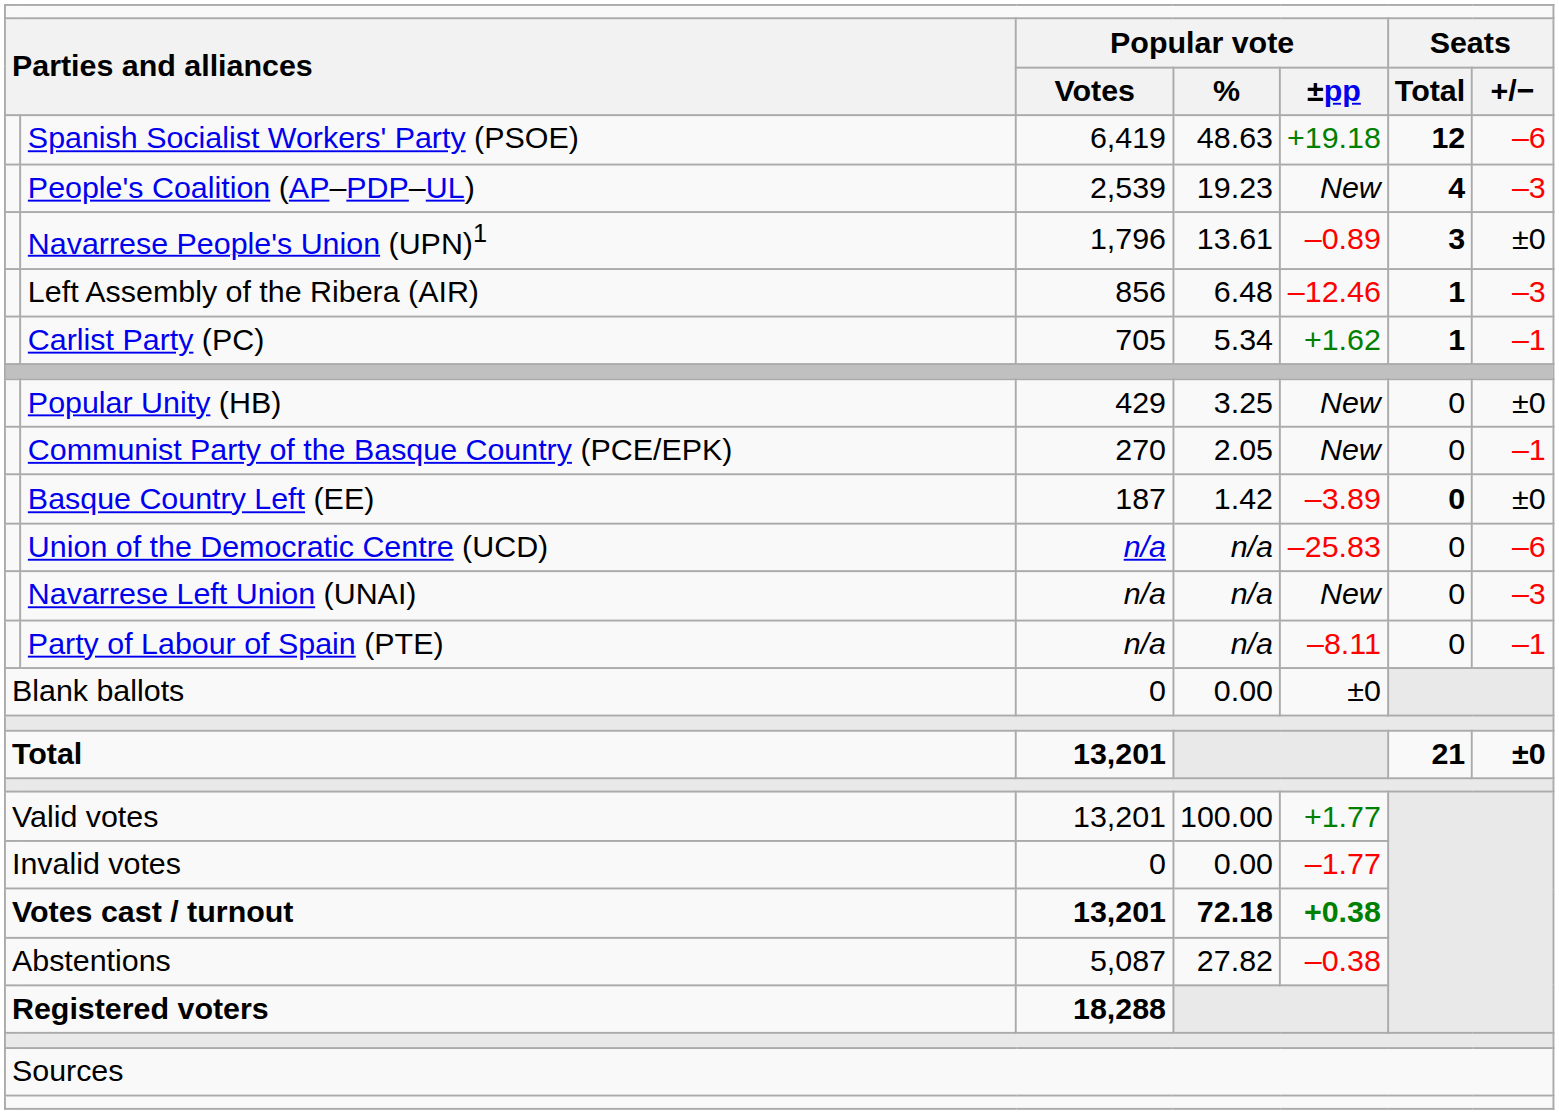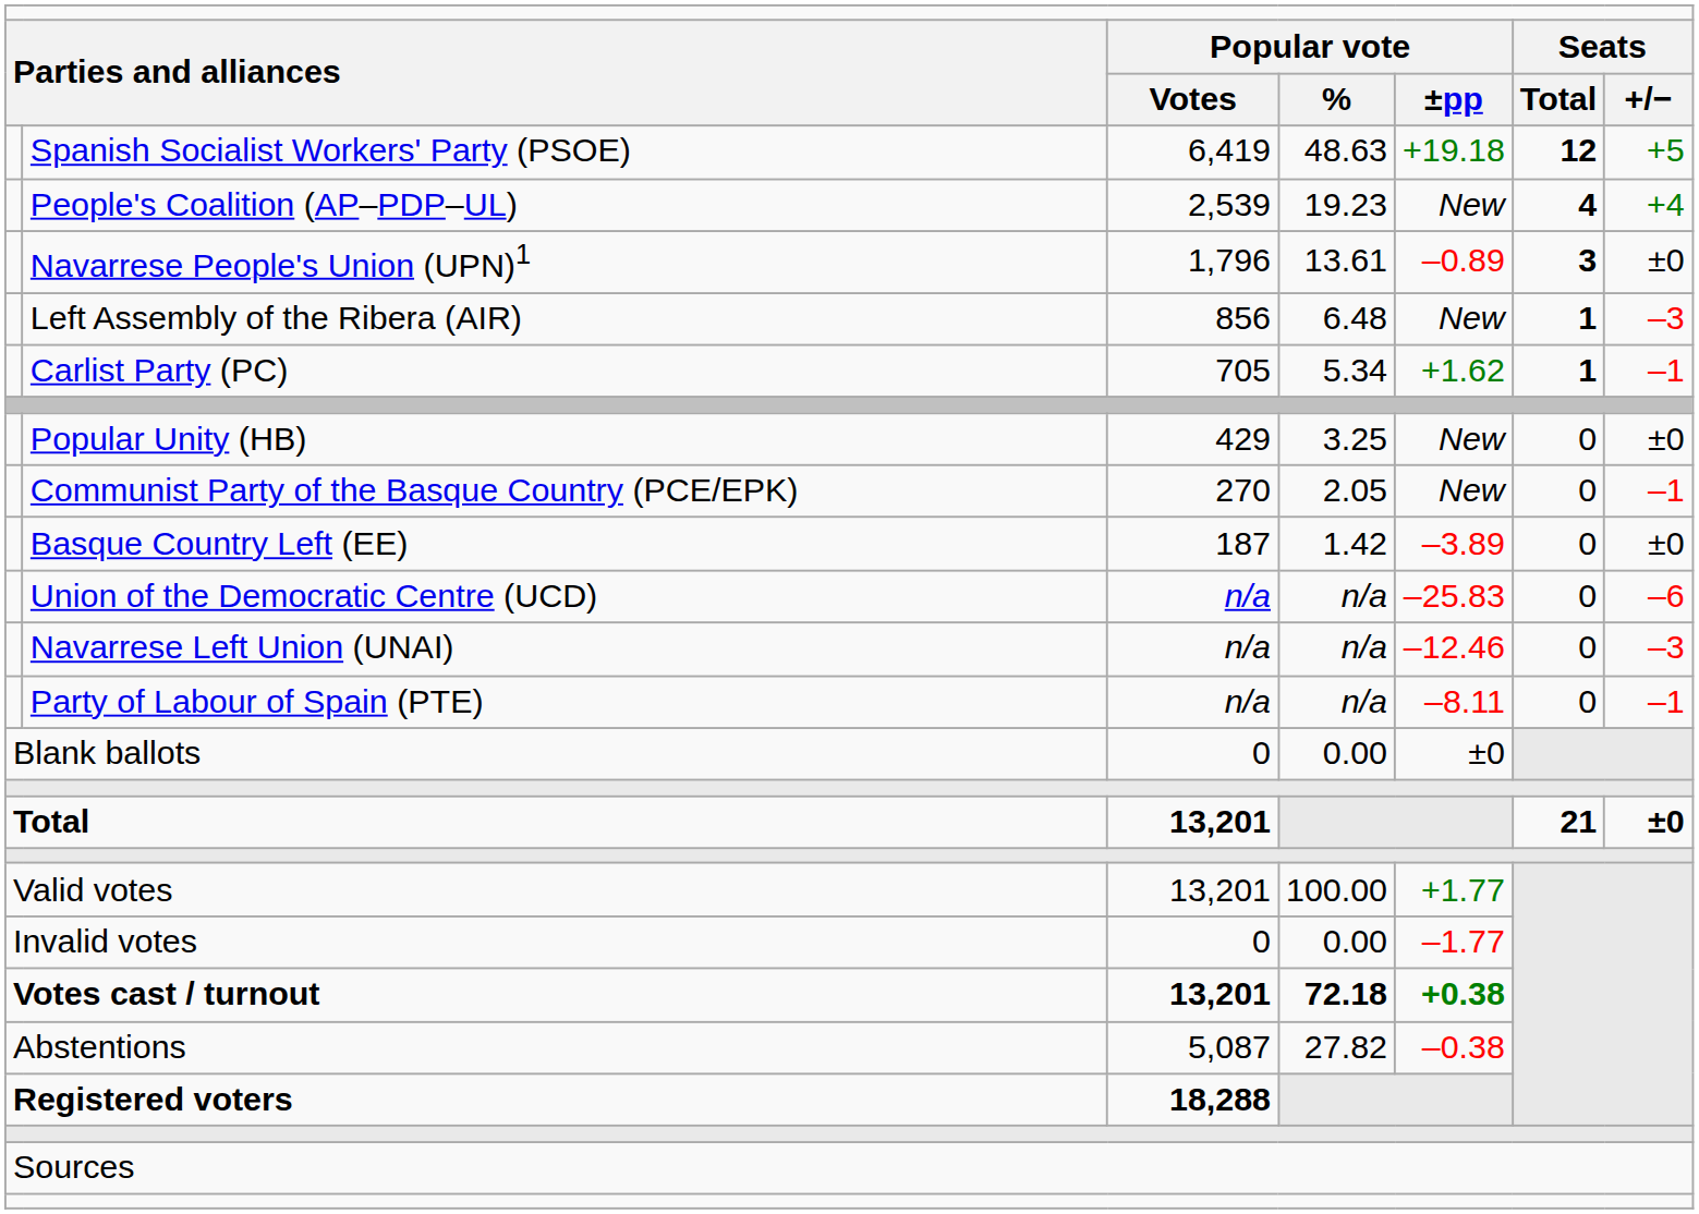 <table class="wikitable" style="text-align:right;">
 <tr>
 <td colspan="7"></td>
 </tr>
 <tr>
 <th style="text-align:left;" rowspan="2" colspan="2" width="525">Parties and alliances</th>
 <th colspan="3">Popular vote</th>
 <th colspan="2">Seats</th>
 </tr>
 <tr>
 <th width="75">Votes</th>
 <th width="45">%</th>
 <th width="45">±<a href='#'>pp</a></th>
 <th width="35">Total</th>
 <th width="35">+/−</th>
 </tr>
 <tr>
 <td width="1" style="color:inherit;background:"></td>
 <td align="left"><a href='#'>Spanish Socialist Workers' Party</a> (PSOE)</td>
 <td>6,419</td>
 <td>48.63</td>
 <td style="color:green;">+19.18</td>
 <td><strong>12</strong></td>
-<td style="color:red;">–6</td>
+<td style="color:green;">+5</td>
 </tr>
 <tr>
 <td style="color:inherit;background:"></td>
 <td align="left"><a href='#'>People's Coalition</a> (<a href='#'>AP</a>–<a href='#'>PDP</a>–<a href='#'>UL</a>)</td>
 <td>2,539</td>
 <td>19.23</td>
 <td><em>New</em></td>
 <td><strong>4</strong></td>
-<td style="color:red;">–3</td>
+<td style="color:green;">+4</td>
 </tr>
 <tr>
 <td style="color:inherit;background:"></td>
 <td align="left"><a href='#'>Navarrese People's Union</a> (UPN)<sup>1</sup></td>
 <td>1,796</td>
 <td>13.61</td>
 <td style="color:red;">–0.89</td>
 <td><strong>3</strong></td>
 <td>±0</td>
 </tr>
 <tr>
 <td style="color:inherit;background:"></td>
 <td align="left">Left Assembly of the Ribera (AIR)</td>
 <td>856</td>
 <td>6.48</td>
-<td style="color:red;">–12.46</td>
+<td><em>New</em></td>
 <td><strong>1</strong></td>
 <td style="color:red;">–3</td>
 </tr>
 <tr>
 <td style="color:inherit;background:"></td>
 <td align="left"><a href='#'>Carlist Party</a> (PC)</td>
 <td>705</td>
 <td>5.34</td>
 <td style="color:green;">+1.62</td>
 <td><strong>1</strong></td>
 <td style="color:red;">–1</td>
 </tr>
 <tr>
 <td colspan="7" bgcolor="#C0C0C0"></td>
 </tr>
 <tr>
 <td style="color:inherit;background:"></td>
 <td align="left"><a href='#'>Popular Unity</a> (HB)</td>
 <td>429</td>
 <td>3.25</td>
 <td><em>New</em></td>
 <td>0</td>
 <td>±0</td>
 </tr>
 <tr>
 <td style="color:inherit;background:"></td>
 <td align="left"><a href='#'>Communist Party of the Basque Country</a> (PCE/EPK)</td>
 <td>270</td>
 <td>2.05</td>
 <td><em>New</em></td>
 <td>0</td>
 <td style="color:red;">–1</td>
 </tr>
 <tr>
 <td style="color:inherit;background:"></td>
 <td align="left"><a href='#'>Basque Country Left</a> (EE)</td>
 <td>187</td>
 <td>1.42</td>
 <td style="color:red;">–3.89</td>
-<td><strong>0</strong></td>
+<td>0</td>
 <td>±0</td>
 </tr>
 <tr>
 <td style="color:inherit;background:"></td>
 <td align="left"><a href='#'>Union of the Democratic Centre</a> (UCD)</td>
 <td><em><a href='#'>n/a</a></em></td>
 <td><em>n/a</em></td>
 <td style="color:red;">–25.83</td>
 <td>0</td>
 <td style="color:red;">–6</td>
 </tr>
 <tr>
 <td style="color:inherit;background:"></td>
 <td align="left"><a href='#'>Navarrese Left Union</a> (UNAI)</td>
 <td><em>n/a</em></td>
 <td><em>n/a</em></td>
-<td><em>New</em></td>
+<td style="color:red;">–12.46</td>
 <td>0</td>
 <td style="color:red;">–3</td>
 </tr>
 <tr>
 <td style="color:inherit;background:"></td>
 <td align="left"><a href='#'>Party of Labour of Spain</a> (PTE)</td>
 <td><em>n/a</em></td>
 <td><em>n/a</em></td>
 <td style="color:red;">–8.11</td>
 <td>0</td>
 <td style="color:red;">–1</td>
 </tr>
 <tr>
 <td align="left" colspan="2">Blank ballots</td>
 <td>0</td>
 <td>0.00</td>
 <td>±0</td>
 <td bgcolor="#E9E9E9" colspan="2"></td>
 </tr>
 <tr>
 <td colspan="7" bgcolor="#E9E9E9"></td>
 </tr>
 <tr style="font-weight:bold;">
 <td align="left" colspan="2">Total</td>
 <td>13,201</td>
 <td bgcolor="#E9E9E9" colspan="2"></td>
 <td>21</td>
 <td>±0</td>
 </tr>
 <tr>
 <td colspan="7" bgcolor="#E9E9E9"></td>
 </tr>
 <tr>
 <td align="left" colspan="2">Valid votes</td>
 <td>13,201</td>
 <td>100.00</td>
 <td style="color:green;">+1.77</td>
 <td bgcolor="#E9E9E9" colspan="2" rowspan="5"></td>
 </tr>
 <tr>
 <td align="left" colspan="2">Invalid votes</td>
 <td>0</td>
 <td>0.00</td>
 <td style="color:red;">–1.77</td>
 </tr>
 <tr style="font-weight:bold;">
 <td align="left" colspan="2">Votes cast / turnout</td>
 <td>13,201</td>
 <td>72.18</td>
 <td style="color:green;">+0.38</td>
 </tr>
 <tr>
 <td align="left" colspan="2">Abstentions</td>
 <td>5,087</td>
 <td>27.82</td>
 <td style="color:red;">–0.38</td>
 </tr>
 <tr style="font-weight:bold;">
 <td align="left" colspan="2">Registered voters</td>
 <td>18,288</td>
 <td bgcolor="#E9E9E9" colspan="2"></td>
 </tr>
 <tr>
 <td colspan="7" bgcolor="#E9E9E9"></td>
 </tr>
 <tr>
 <td align="left" colspan="7">Sources</td>
 </tr>
 <tr>
 <td colspan="7" style="text-align:left; max-width:790px;"></td>
 </tr>
 </table>
